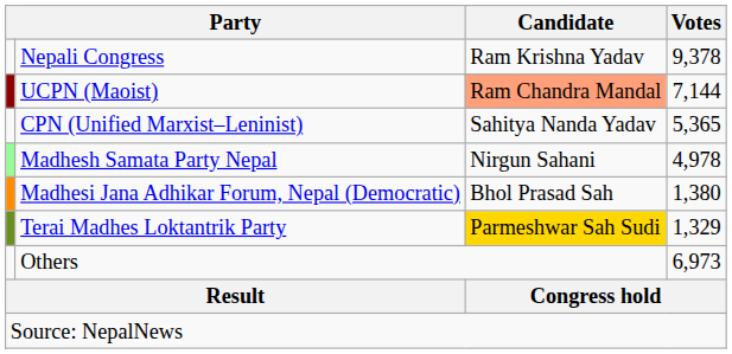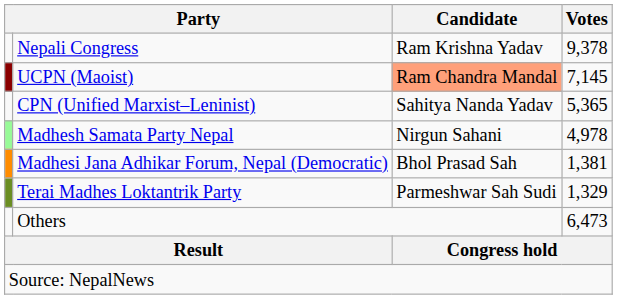 <table class="wikitable">
 <tr>
 <th colspan="2">Party</th>
 <th>Candidate</th>
 <th>Votes</th>
 </tr>
 <tr>
 <td style="background-color:"></td>
 <td><a href='#'>Nepali Congress</a></td>
 <td>Ram Krishna Yadav</td>
 <td style="text-align:right ">9,378</td>
 </tr>
 <tr>
 <td style="background-color:darkred"></td>
 <td><a href='#'>UCPN (Maoist)</a></td>
 <td style="background: lightsalmon;">Ram Chandra Mandal</td>
-<td style="text-align:right ">7,144</td>
+<td style="text-align:right ">7,145</td>
 </tr>
 <tr>
 <td style="background-color:"></td>
 <td><a href='#'>CPN (Unified Marxist–Leninist)</a></td>
 <td>Sahitya Nanda Yadav</td>
 <td style="text-align:right ">5,365</td>
 </tr>
 <tr>
 <td style="background-color:palegreen"></td>
 <td><a href='#'>Madhesh Samata Party Nepal</a></td>
 <td>Nirgun Sahani</td>
 <td style="text-align:right ">4,978</td>
 </tr>
 <tr>
 <td style="background-color:darkorange"></td>
 <td><a href='#'>Madhesi Jana Adhikar Forum, Nepal (Democratic)</a></td>
 <td>Bhol Prasad Sah</td>
-<td style="text-align:right ">1,380</td>
+<td style="text-align:right ">1,381</td>
 </tr>
 <tr>
 <td style="background-color:olivedrab"></td>
 <td><a href='#'>Terai Madhes Loktantrik Party</a></td>
-<td style="background: gold;">Parmeshwar Sah Sudi</td>
+<td>Parmeshwar Sah Sudi</td>
 <td style="text-align:right ">1,329</td>
 </tr>
 <tr>
 <td></td>
 <td colspan="2">Others</td>
-<td style="text-align:right ">6,973</td>
+<td style="text-align:right ">6,473</td>
 </tr>
 <tr>
 <th colspan="2">Result</th>
 <th colspan="2">Congress hold</th>
 </tr>
 <tr>
 <td colspan="4">Source: NepalNews</td>
 </tr>
 </table>
